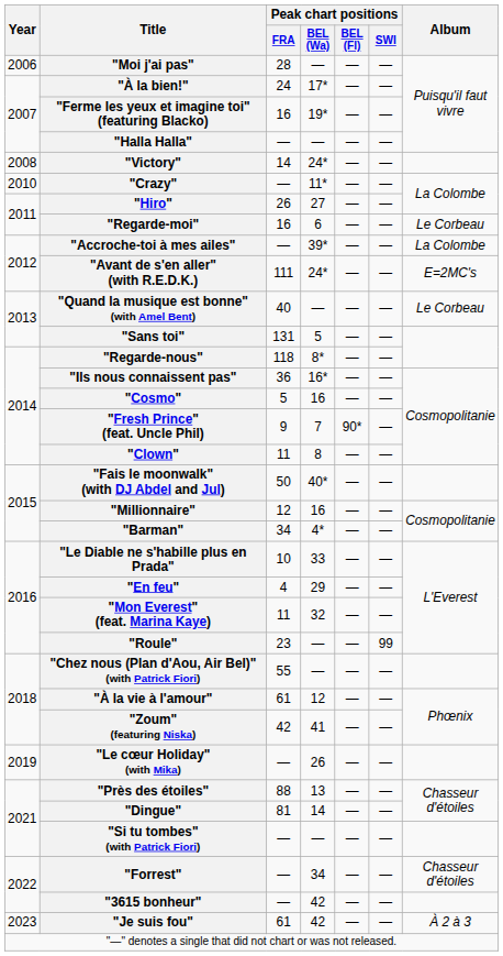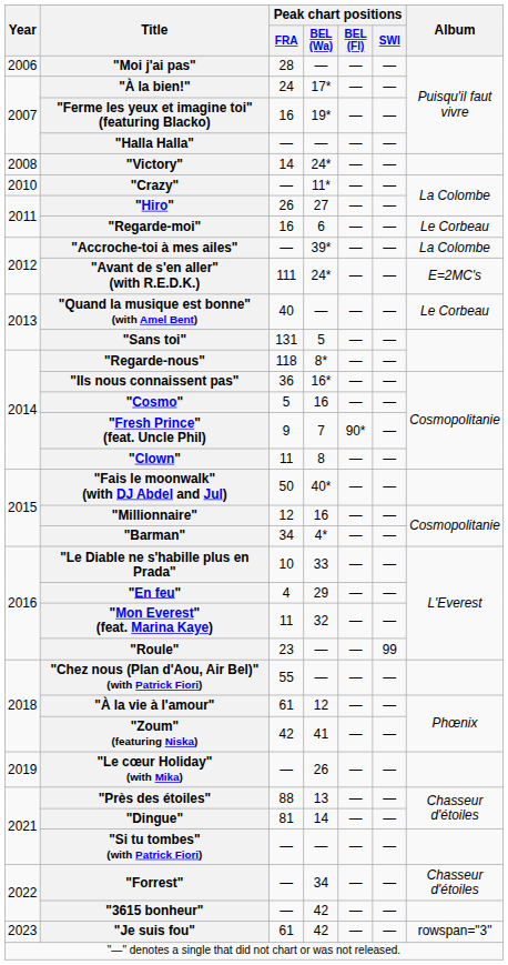 <table class="wikitable plainrowheaders" style="text-align:center;">
 <tr>
 <th scope="col" rowspan="2" style="width:1em;">Year</th>
 <th scope="col" rowspan="2" style="width:24em;">Title</th>
 <th scope="col" colspan="4">Peak chart positions</th>
 <th scope="col" rowspan="2">Album</th>
 </tr>
 <tr>
 <th scope="col" style="width:3em;font-size:85%;"><a href='#'>FRA</a><br></th>
 <th scope="col" style="width:3em;font-size:85%;"><a href='#'>BEL<br>(Wa)</a><br></th>
 <th scope="col" style="width:3em;font-size:85%;"><a href='#'>BEL (Fl)</a><br></th>
 <th scope="col" style="width:3em;font-size:85%;"><a href='#'>SWI</a><br></th>
 </tr>
 <tr>
 <td>2006</td>
 <th scope="row">"Moi j'ai pas"</th>
 <td>28</td>
 <td>—</td>
 <td>—</td>
 <td>—</td>
 <td rowspan="4"><em>Puisqu'il faut vivre</em></td>
 </tr>
 <tr>
 <td rowspan="3">2007</td>
 <th scope="row">"À la bien!"</th>
 <td>24</td>
 <td>17*</td>
 <td>—</td>
 <td>—</td>
 </tr>
 <tr>
 <th scope="row">"Ferme les yeux et imagine toi"<br><span>(featuring Blacko)</span></th>
 <td>16</td>
 <td>19*</td>
 <td>—</td>
 <td>—</td>
 </tr>
 <tr>
 <th scope="row">"Halla Halla"</th>
 <td>—</td>
 <td>—</td>
 <td>—</td>
 <td>—</td>
 </tr>
 <tr>
 <td>2008</td>
 <th scope="row">"Victory"</th>
 <td>14</td>
 <td>24*</td>
 <td>—</td>
 <td>—</td>
 <td></td>
 </tr>
 <tr>
 <td>2010</td>
 <th scope="row">"Crazy"</th>
 <td>—</td>
 <td>11*</td>
 <td>—</td>
 <td>—</td>
 <td rowspan="2"><em>La Colombe</em></td>
 </tr>
 <tr>
 <td rowspan="2">2011</td>
 <th scope="row">"<a href='#'>Hiro</a>"</th>
 <td>26</td>
 <td>27</td>
 <td>—</td>
 <td>—</td>
 </tr>
 <tr>
 <th scope="row">"Regarde-moi"</th>
 <td>16</td>
 <td>6</td>
 <td>—</td>
 <td>—</td>
 <td align="center"><em>Le Corbeau</em></td>
 </tr>
 <tr>
 <td rowspan="2">2012</td>
 <th scope="row">"Accroche-toi à mes ailes"</th>
 <td>—</td>
 <td>39*</td>
 <td>—</td>
 <td>—</td>
 <td><em>La Colombe</em></td>
 </tr>
 <tr>
 <th scope="row">"Avant de s'en aller"<br><span>(with R.E.D.K.)</span></th>
 <td>111</td>
 <td>24*</td>
 <td>—</td>
 <td>—</td>
 <td><em>E=2MC's</em></td>
 </tr>
 <tr>
 <td rowspan=2>2013</td>
 <th scope="row">"Quand la musique est bonne"<br><small>(with <a href='#'>Amel Bent</a>)</small></th>
 <td>40</td>
 <td>—</td>
 <td>—</td>
 <td>—</td>
 <td align="center"><em>Le Corbeau</em></td>
 </tr>
 <tr>
 <th scope="row">"Sans toi"</th>
 <td>131</td>
 <td>5</td>
 <td>—</td>
 <td>—</td>
 </tr>
 <tr>
 <td rowspan="5">2014</td>
 <th scope="row">"Regarde-nous"</th>
 <td>118</td>
 <td>8*</td>
 <td>—</td>
 <td>—</td>
 </tr>
 <tr>
 <th scope="row">"Ils nous connaissent pas"</th>
 <td>36</td>
 <td>16*</td>
 <td>—</td>
 <td>—</td>
 <td rowspan="4"><em>Cosmopolitanie</em></td>
 </tr>
 <tr>
 <th scope="row">"<a href='#'>Cosmo</a>"</th>
 <td>5</td>
 <td>16</td>
 <td>—</td>
 <td>—</td>
 </tr>
 <tr>
 <th scope="row">"<a href='#'>Fresh Prince</a>"<br><span>(feat. Uncle Phil)</span></th>
 <td>9</td>
 <td>7</td>
 <td>90*</td>
 <td>—</td>
 </tr>
 <tr>
 <th scope="row">"<a href='#'>Clown</a>"</th>
 <td>11</td>
 <td>8</td>
 <td>—</td>
 <td>—</td>
 </tr>
 <tr>
 <td rowspan="3">2015</td>
 <th scope="row">"Fais le moonwalk"<br><span>(with <a href='#'>DJ Abdel</a> and <a href='#'>Jul</a>)</span></th>
 <td>50</td>
 <td>40*</td>
 <td>—</td>
 <td>—</td>
 <td></td>
 </tr>
 <tr>
 <th scope="row">"Millionnaire"</th>
 <td>12</td>
 <td>16</td>
 <td>—</td>
 <td>—</td>
 <td rowspan="2"><em>Cosmopolitanie</em></td>
 </tr>
 <tr>
 <th scope="row">"Barman"</th>
 <td>34</td>
 <td>4*</td>
 <td>—</td>
 <td>—</td>
 </tr>
 <tr>
 <td rowspan="4">2016</td>
 <th scope="row">"Le Diable ne s'habille plus en Prada"</th>
 <td>10</td>
 <td>33</td>
 <td>—</td>
 <td>—</td>
 <td rowspan="4"><em>L'Everest</em></td>
 </tr>
 <tr>
 <th scope="row">"<a href='#'>En feu</a>"</th>
 <td>4</td>
 <td>29</td>
 <td>—</td>
 <td>—</td>
 </tr>
 <tr>
 <th scope="row">"<a href='#'>Mon Everest</a>"<br><span>(feat. <a href='#'>Marina Kaye</a>)</span></th>
 <td>11</td>
 <td>32</td>
 <td>—</td>
 <td>—</td>
 </tr>
 <tr>
 <th scope="row">"Roule"</th>
 <td>23</td>
 <td>—</td>
 <td>—</td>
 <td>99</td>
 </tr>
 <tr>
 <td rowspan=3>2018</td>
 <th scope="row">"Chez nous (Plan d'Aou, Air Bel)"<br><small>(with <a href='#'>Patrick Fiori</a>)</small></th>
 <td>55</td>
 <td>—</td>
 <td>—</td>
 <td>—</td>
 <td></td>
 </tr>
 <tr>
 <th scope="row">"À la vie à l'amour"</th>
 <td>61</td>
 <td>12</td>
 <td>—</td>
 <td>—</td>
 <td rowspan=2><em>Phœnix</em></td>
 </tr>
 <tr>
 <th scope="row">"Zoum"<br><small>(featuring <a href='#'>Niska</a>)</small></th>
 <td>42</td>
 <td>41</td>
 <td>—</td>
 <td>—</td>
 </tr>
 <tr>
 <td>2019</td>
 <th scope="row">"Le cœur Holiday"<br><small>(with <a href='#'>Mika</a>)</small></th>
 <td>—</td>
 <td>26</td>
 <td>—</td>
 <td>—</td>
 <td></td>
 </tr>
 <tr>
 <td rowspan=3>2021</td>
 <th scope="row">"Près des étoiles"</th>
 <td>88</td>
 <td>13</td>
 <td>—</td>
 <td>—</td>
 <td rowspan="2"><em>Chasseur d'étoiles</em></td>
 </tr>
 <tr>
 <th scope="row">"Dingue"</th>
 <td>81<br></td>
 <td>14</td>
 <td>—</td>
 <td>—</td>
 </tr>
 <tr>
 <th scope="row">"Si tu tombes" <br><small>(with <a href='#'>Patrick Fiori</a>)</small></th>
 <td>—</td>
 <td>—</td>
 <td>—</td>
 <td>—</td>
 <td></td>
 </tr>
 <tr>
 <td rowspan="2">2022</td>
 <th scope="row">"Forrest"</th>
 <td>—</td>
 <td>34</td>
 <td>—</td>
 <td>—</td>
 <td><em>Chasseur d'étoiles</em></td>
 </tr>
 <tr>
 <th scope="row">"3615 bonheur"</th>
 <td>—</td>
 <td>42</td>
 <td>—</td>
 <td>—</td>
 <td></td>
 </tr>
 <tr>
 <td>2023</td>
 <th scope="row">"Je suis fou"<br></th>
 <td>61</td>
 <td>42</td>
 <td>—</td>
 <td>—</td>
-<td><em>À 2 à 3</em></td>
+<td>rowspan="3" </td>
 </tr>
 <tr>
 <td colspan="22" style="font-size:85%;">"—" denotes a single that did not chart or was not released.</td>
 </tr>
 </table>
